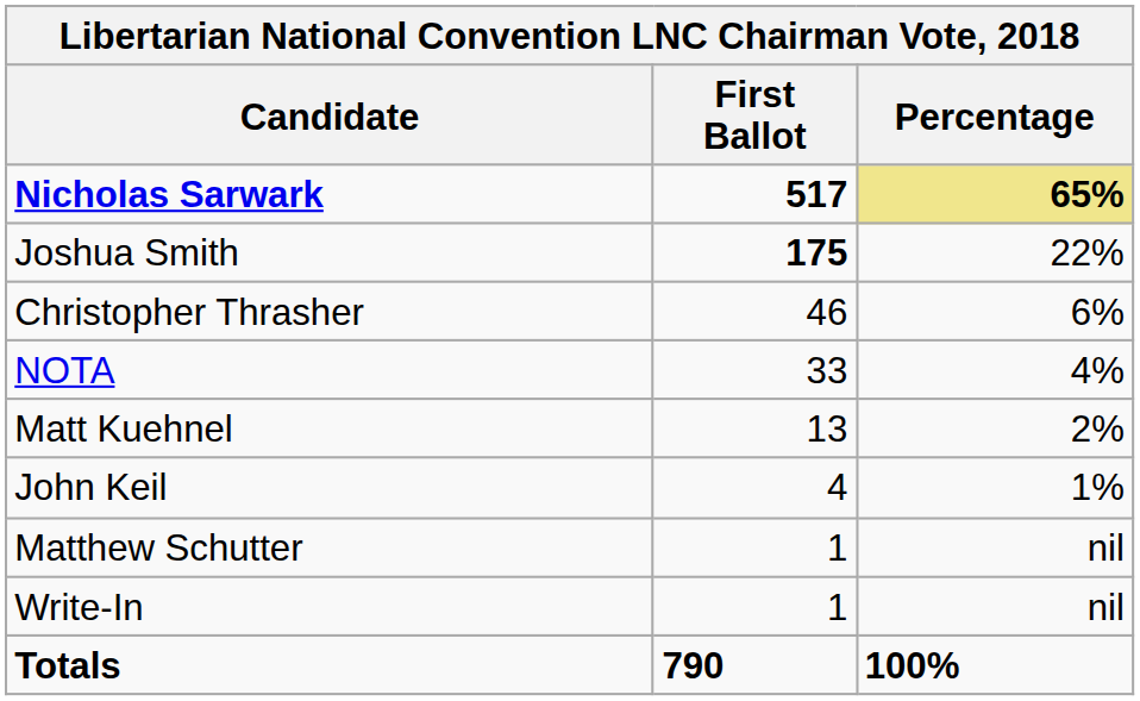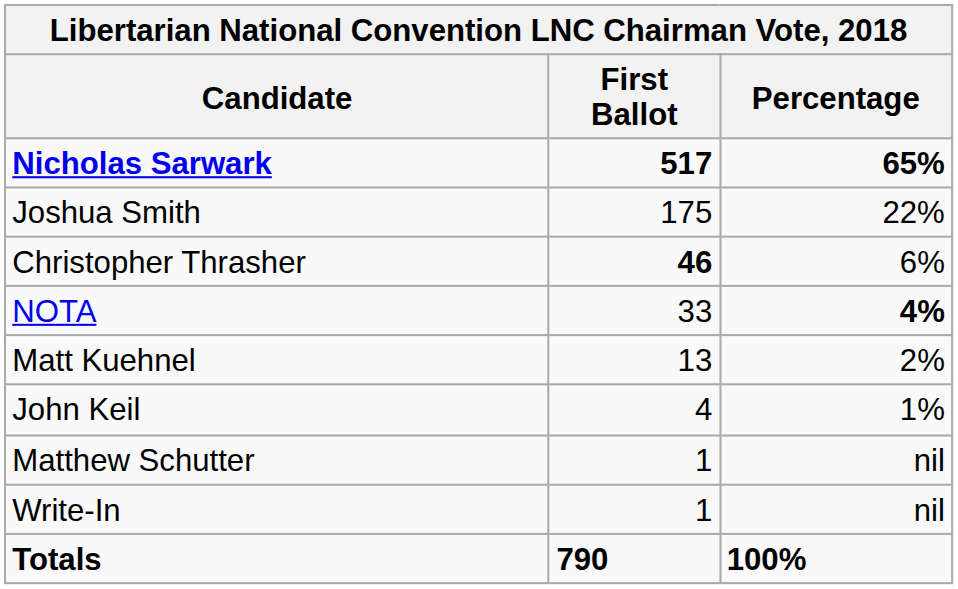 <table class="wikitable" style="font-size: 95%">
 <tr>
 <th colspan="3">Libertarian National Convention LNC Chairman Vote, 2018</th>
 </tr>
 <tr style="background:#eee; text-align:center;">
 <th style="width: 17em">Candidate</th>
 <th style="width: 5em">First Ballot</th>
 <th style="width: 7em">Percentage</th>
 </tr>
 <tr>
 <td><strong><a href='#'>Nicholas Sarwark</a></strong></td>
 <td style="text-align:right;"><strong>517</strong></td>
-<td style="background: khaki; text-align:right;"><strong>65%</strong></td>
+<td style="text-align:right;"><strong>65%</strong></td>
 </tr>
 <tr>
 <td>Joshua Smith</td>
-<td style="text-align:right;"><strong>175</strong></td>
+<td style="text-align:right;">175</td>
 <td style="text-align:right;">22%</td>
 </tr>
 <tr>
 <td>Christopher Thrasher</td>
-<td style="text-align:right;">46</td>
+<td style="text-align:right;"><strong>46</strong></td>
 <td style="text-align:right;">6%</td>
 </tr>
 <tr>
 <td><a href='#'>NOTA</a></td>
 <td style="text-align:right;">33</td>
-<td style="text-align:right;">4%</td>
+<td style="text-align:right;"><strong>4%</strong></td>
 </tr>
 <tr>
 <td>Matt Kuehnel</td>
 <td style="text-align:right;">13</td>
 <td style="text-align:right;">2%</td>
 </tr>
 <tr>
 <td>John Keil</td>
 <td style="text-align:right;">4</td>
 <td style="text-align:right;">1%</td>
 </tr>
 <tr>
 <td>Matthew Schutter</td>
 <td style="text-align:right;">1</td>
 <td style="text-align:right;">nil</td>
 </tr>
 <tr>
 <td>Write-In</td>
 <td style="text-align:right;">1</td>
 <td style="text-align:right;">nil</td>
 </tr>
 <tr>
 <td><strong>Totals</strong></td>
 <td><strong>790</strong></td>
 <td><strong>100%</strong></td>
 </tr>
 </table>
